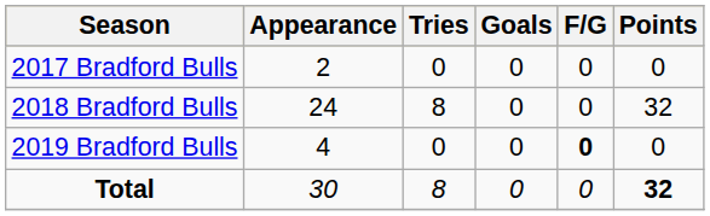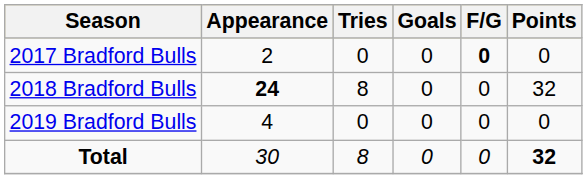 <table class="wikitable" style="text-align:center;">
 <tr bgcolor=#bdb76b>
 <th>Season</th>
 <th>Appearance</th>
 <th>Tries</th>
 <th>Goals</th>
 <th>F/G</th>
 <th>Points</th>
 </tr>
 <tr>
 <td><a href='#'>2017 Bradford Bulls</a></td>
 <td>2</td>
 <td>0</td>
 <td>0</td>
-<td>0</td>
+<td><strong>0</strong></td>
 <td>0</td>
 </tr>
 <tr>
 <td><a href='#'>2018 Bradford Bulls</a></td>
-<td>24</td>
+<td><strong>24</strong></td>
 <td>8</td>
 <td>0</td>
 <td>0</td>
 <td>32</td>
 </tr>
 <tr>
 <td><a href='#'>2019 Bradford Bulls</a></td>
 <td>4</td>
 <td>0</td>
 <td>0</td>
-<td><strong>0</strong></td>
+<td>0</td>
 <td>0</td>
 </tr>
 <tr>
 <td><strong>Total</strong></td>
 <td><em>30</em></td>
 <td><em>8</em></td>
 <td><em>0</em></td>
 <td><em>0</em></td>
 <td><strong>32</strong></td>
 </tr>
 <tr>
 </tr>
 </table>
